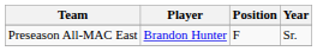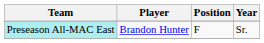 <table class="wikitable" border="1">
 <tr align=center>
 <th style= >Team</th>
 <th style= >Player</th>
 <th style= >Position</th>
 <th style= >Year</th>
 </tr>
 <tr align="center">
 </tr>
 <tr>
-<td>Preseason All-MAC East</td>
+<td style="background: paleturquoise;">Preseason All-MAC East</td>
 <td><a href='#'>Brandon Hunter</a></td>
 <td>F</td>
 <td>Sr.</td>
 </tr>
 <tr>
 </tr>
 <tr>
 </tr>
 </table>
